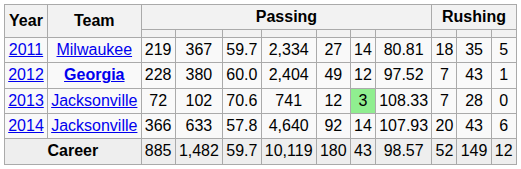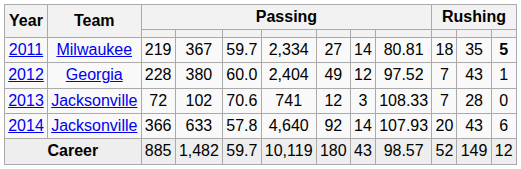 <table class="wikitable sortable" style="text-align:center">
 <tr>
 <th rowspan=2>Year</th>
 <th rowspan=2>Team</th>
 <th colspan=7>Passing</th>
 <th colspan=3>Rushing</th>
 </tr>
 <tr>
 <th></th>
 <th></th>
 <th></th>
 <th></th>
 <th></th>
 <th></th>
 <th></th>
 <th></th>
 <th></th>
 <th></th>
 </tr>
 <tr>
 <td><a href='#'>2011</a></td>
 <td><a href='#'>Milwaukee</a></td>
 <td>219</td>
 <td>367</td>
 <td>59.7</td>
 <td>2,334</td>
 <td>27</td>
 <td>14</td>
 <td>80.81</td>
 <td>18</td>
 <td>35</td>
-<td>5</td>
+<td><strong>5</strong></td>
 </tr>
 <tr>
 <td><a href='#'>2012</a></td>
-<td><strong><a href='#'>Georgia</a></strong></td>
+<td><a href='#'>Georgia</a></td>
 <td>228</td>
 <td>380</td>
 <td>60.0</td>
 <td>2,404</td>
 <td>49</td>
 <td>12</td>
 <td>97.52</td>
 <td>7</td>
 <td>43</td>
 <td>1</td>
 </tr>
 <tr>
 <td><a href='#'>2013</a></td>
 <td><a href='#'>Jacksonville</a></td>
 <td>72</td>
 <td>102</td>
 <td>70.6</td>
 <td>741</td>
 <td>12</td>
-<td style="background: lightgreen;">3</td>
+<td>3</td>
 <td>108.33</td>
 <td>7</td>
 <td>28</td>
 <td>0</td>
 </tr>
 <tr>
 <td><a href='#'>2014</a></td>
 <td><a href='#'>Jacksonville</a></td>
 <td>366</td>
 <td>633</td>
 <td>57.8</td>
 <td>4,640</td>
 <td>92</td>
 <td>14</td>
 <td>107.93</td>
 <td>20</td>
 <td>43</td>
 <td>6</td>
 </tr>
 <tr class="sortbottom" style="background:#eee;">
 <td colspan=2><strong>Career</strong></td>
 <td>885</td>
 <td>1,482</td>
 <td>59.7</td>
 <td>10,119</td>
 <td>180</td>
 <td>43</td>
 <td>98.57</td>
 <td>52</td>
 <td>149</td>
 <td>12</td>
 </tr>
 </table>
